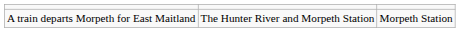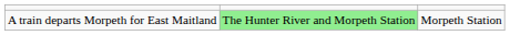 <table class="wikitable">
 <tr>
 <td></td>
 <td></td>
 <td></td>
 </tr>
 <tr>
 <td>A train departs Morpeth for East Maitland</td>
-<td>The Hunter River and Morpeth Station</td>
+<td style="background: lightgreen;">The Hunter River and Morpeth Station</td>
 <td>Morpeth Station</td>
 </tr>
 </table>
